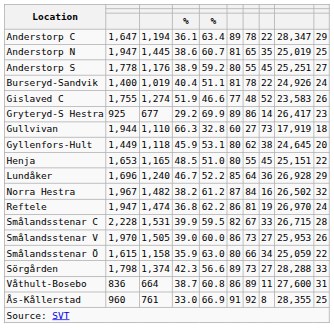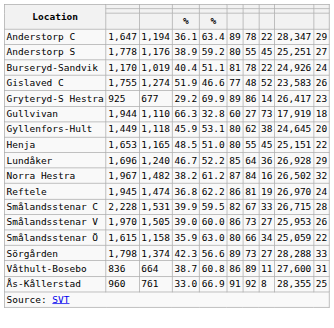 <table role="presentation" class="wikitable sortable mw-collapsible">
 <tr>
 <th rowspan="3">Location</th>
 <th></th>
 <th></th>
 <th></th>
 <th></th>
 <th></th>
 <th></th>
 <th></th>
 <th></th>
 <th></th>
 </tr>
 <tr>
 <th></th>
 <th></th>
 <th style="background:"></th>
 <th style="background:"></th>
 <th></th>
 <th></th>
 <th></th>
 <th></th>
 <th></th>
 </tr>
 <tr>
 <th data-sort-type="number"></th>
 <th data-sort-type="number"></th>
 <th data-sort-type="number">%</th>
 <th data-sort-type="number">%</th>
 <th data-sort-type="number"></th>
 <th data-sort-type="number"></th>
 <th data-sort-type="number"></th>
 <th data-sort-type="number"></th>
 <th data-sort-type="number"></th>
 </tr>
 <tr>
 <td align="left">Anderstorp C</td>
 <td>1,647</td>
 <td>1,194</td>
 <td>36.1</td>
 <td>63.4</td>
 <td>89</td>
 <td>78</td>
 <td>22</td>
 <td>28,347</td>
 <td>29</td>
 </tr>
 <tr>
-<td align="left">Anderstorp N</td>
-<td>1,947</td>
-<td>1,445</td>
-<td>38.6</td>
-<td>60.7</td>
-<td>81</td>
-<td>65</td>
-<td>35</td>
-<td>25,019</td>
-<td>25</td>
-</tr>
-<tr>
 <td align="left">Anderstorp S</td>
 <td>1,778</td>
 <td>1,176</td>
 <td>38.9</td>
 <td>59.2</td>
 <td>80</td>
 <td>55</td>
 <td>45</td>
 <td>25,251</td>
 <td>27</td>
 </tr>
 <tr>
 <td align="left">Burseryd-Sandvik</td>
-<td>1,400</td>
+<td>1,170</td>
 <td>1,019</td>
 <td>40.4</td>
 <td>51.1</td>
 <td>81</td>
 <td>78</td>
 <td>22</td>
 <td>24,926</td>
 <td>24</td>
 </tr>
 <tr>
 <td align="left">Gislaved C</td>
 <td>1,755</td>
 <td>1,274</td>
 <td>51.9</td>
 <td>46.6</td>
 <td>77</td>
 <td>48</td>
 <td>52</td>
 <td>23,583</td>
 <td>26</td>
 </tr>
 <tr>
 <td align="left">Gryteryd-S Hestra</td>
 <td>925</td>
 <td>677</td>
 <td>29.2</td>
 <td>69.9</td>
 <td>89</td>
 <td>86</td>
 <td>14</td>
 <td>26,417</td>
 <td>23</td>
 </tr>
 <tr>
 <td align="left">Gullvivan</td>
 <td>1,944</td>
 <td>1,110</td>
 <td>66.3</td>
 <td>32.8</td>
 <td>60</td>
 <td>27</td>
 <td>73</td>
 <td>17,919</td>
 <td>18</td>
 </tr>
 <tr>
 <td align="left">Gyllenfors-Hult</td>
 <td>1,449</td>
 <td>1,118</td>
 <td>45.9</td>
 <td>53.1</td>
 <td>80</td>
 <td>62</td>
 <td>38</td>
 <td>24,645</td>
 <td>20</td>
 </tr>
 <tr>
 <td align="left">Henja</td>
 <td>1,653</td>
 <td>1,165</td>
 <td>48.5</td>
 <td>51.0</td>
 <td>80</td>
 <td>55</td>
 <td>45</td>
 <td>25,151</td>
 <td>22</td>
 </tr>
 <tr>
 <td align="left">Lundåker</td>
 <td>1,696</td>
 <td>1,240</td>
 <td>46.7</td>
 <td>52.2</td>
 <td>85</td>
 <td>64</td>
 <td>36</td>
 <td>26,928</td>
 <td>29</td>
 </tr>
 <tr>
 <td align="left">Norra Hestra</td>
 <td>1,967</td>
 <td>1,482</td>
 <td>38.2</td>
 <td>61.2</td>
 <td>87</td>
 <td>84</td>
 <td>16</td>
 <td>26,502</td>
 <td>32</td>
 </tr>
 <tr>
 <td align="left">Reftele</td>
-<td>1,947</td>
+<td>1,945</td>
 <td>1,474</td>
 <td>36.8</td>
 <td>62.2</td>
 <td>86</td>
 <td>81</td>
 <td>19</td>
 <td>26,970</td>
 <td>24</td>
 </tr>
 <tr>
 <td align="left">Smålandsstenar C</td>
 <td>2,228</td>
 <td>1,531</td>
 <td>39.9</td>
 <td>59.5</td>
 <td>82</td>
 <td>67</td>
 <td>33</td>
 <td>26,715</td>
 <td>28</td>
 </tr>
 <tr>
 <td align="left">Smålandsstenar V</td>
 <td>1,970</td>
 <td>1,505</td>
 <td>39.0</td>
 <td>60.0</td>
 <td>86</td>
 <td>73</td>
 <td>27</td>
 <td>25,953</td>
 <td>26</td>
 </tr>
 <tr>
 <td align="left">Smålandsstenar Ö</td>
 <td>1,615</td>
 <td>1,158</td>
 <td>35.9</td>
 <td>63.0</td>
 <td>80</td>
 <td>66</td>
 <td>34</td>
 <td>25,059</td>
 <td>22</td>
 </tr>
 <tr>
 <td align="left">Sörgården</td>
 <td>1,798</td>
 <td>1,374</td>
 <td>42.3</td>
 <td>56.6</td>
 <td>89</td>
 <td>73</td>
 <td>27</td>
 <td>28,288</td>
 <td>33</td>
 </tr>
 <tr>
 <td align="left">Våthult-Bosebo</td>
 <td>836</td>
 <td>664</td>
 <td>38.7</td>
 <td>60.8</td>
 <td>86</td>
 <td>89</td>
 <td>11</td>
 <td>27,600</td>
 <td>31</td>
 </tr>
 <tr>
 <td align="left">Ås-Kållerstad</td>
 <td>960</td>
 <td>761</td>
 <td>33.0</td>
 <td>66.9</td>
 <td>91</td>
 <td>92</td>
 <td>8</td>
 <td>28,355</td>
 <td>25</td>
 </tr>
 <tr>
 <td colspan="10" align="left">Source: <a href='#'>SVT</a></td>
 </tr>
 </table>
